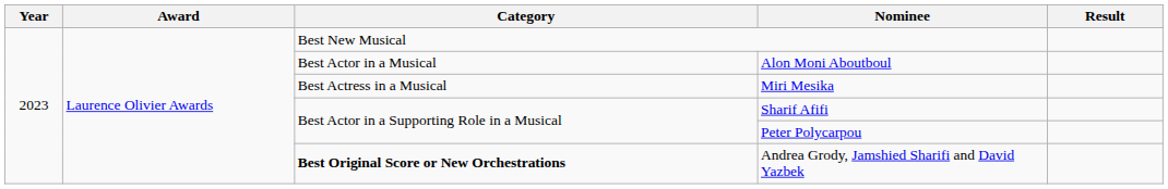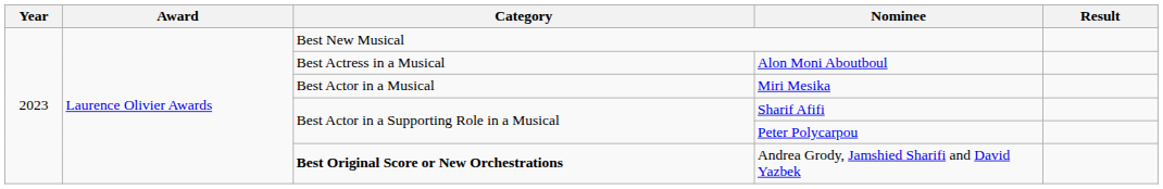 <table class="wikitable" style="width:100%;">
 <tr>
 <th style="width:5%;">Year</th>
 <th style="width:20%;">Award</th>
 <th style="width:40%;">Category</th>
 <th style="width:25%;">Nominee</th>
 <th style="width:10%;">Result</th>
 </tr>
 <tr>
 <td rowspan="6" style="text-align:center;">2023</td>
 <td rowspan="6"><a href='#'>Laurence Olivier Awards</a></td>
 <td colspan="2">Best New Musical</td>
 <td></td>
 </tr>
 <tr>
-<td>Best Actor in a Musical</td>
+<td>Best Actress in a Musical</td>
 <td><a href='#'>Alon Moni Aboutboul</a></td>
 <td></td>
 </tr>
 <tr>
-<td>Best Actress in a Musical</td>
+<td>Best Actor in a Musical</td>
 <td><a href='#'>Miri Mesika</a></td>
 <td></td>
 </tr>
 <tr>
 <td rowspan="2">Best Actor in a Supporting Role in a Musical</td>
 <td><a href='#'>Sharif Afifi</a></td>
 <td></td>
 </tr>
 <tr>
 <td><a href='#'>Peter Polycarpou</a></td>
 <td></td>
 </tr>
 <tr>
 <td><strong>Best Original Score or New Orchestrations</strong></td>
 <td>Andrea Grody, <a href='#'>Jamshied Sharifi</a> and <a href='#'>David Yazbek</a></td>
 <td></td>
 </tr>
 </table>
